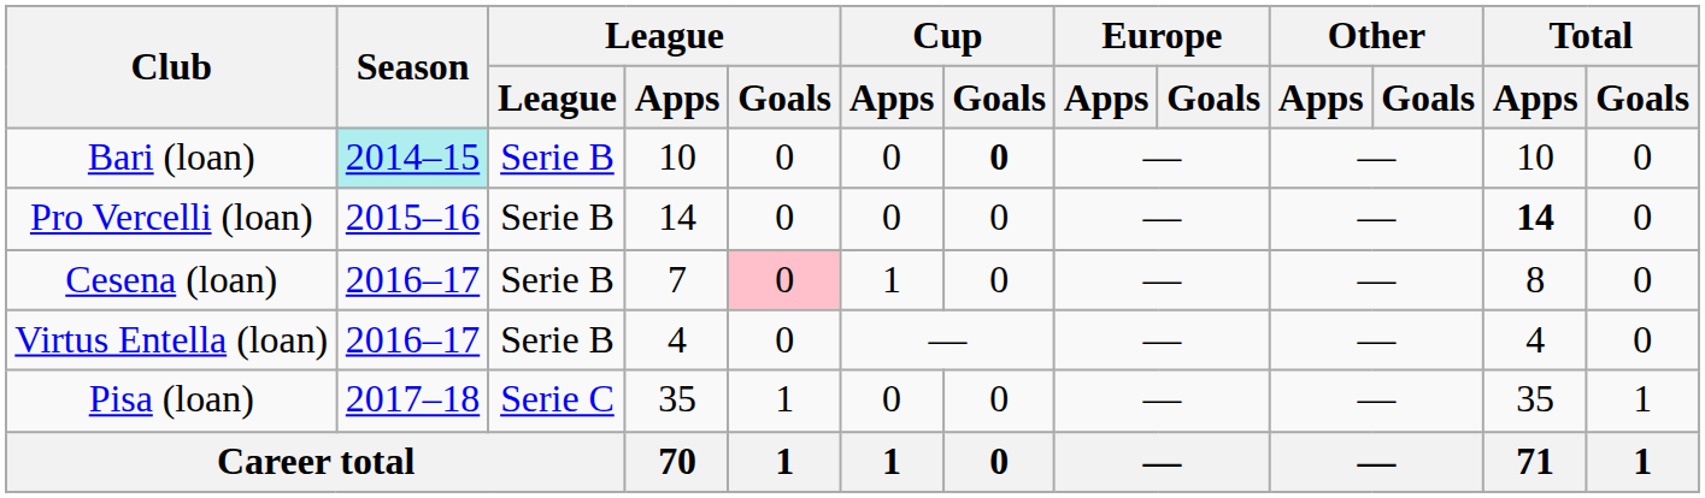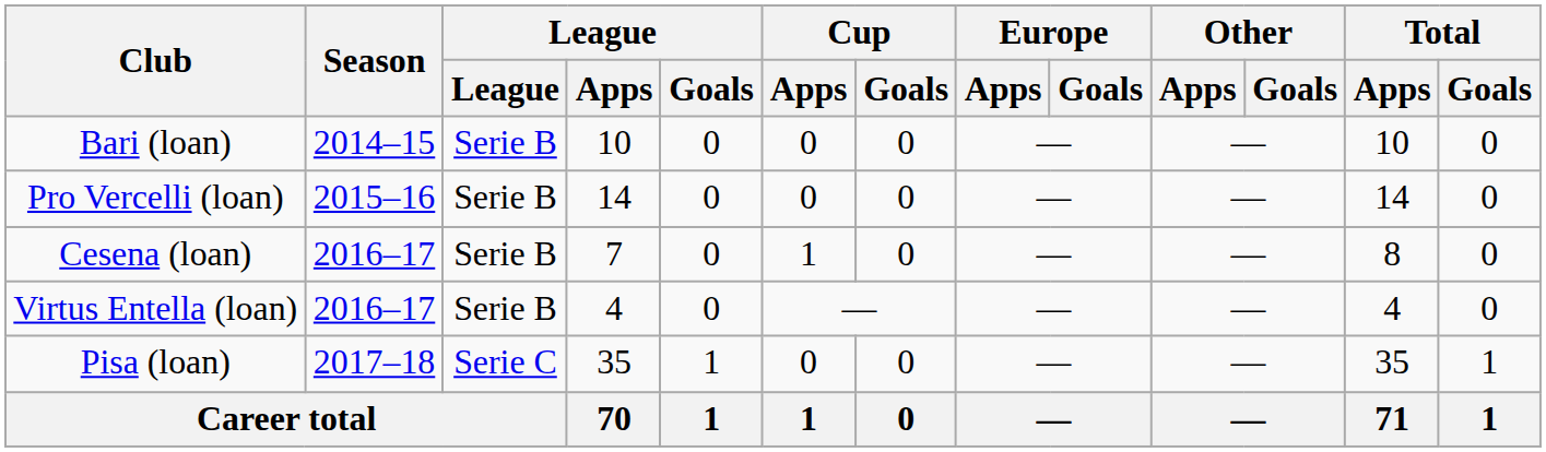 <table class="wikitable" style="text-align: center;">
 <tr>
 <th rowspan="2">Club</th>
 <th rowspan="2">Season</th>
 <th colspan="3">League</th>
 <th colspan="2">Cup</th>
 <th colspan="2">Europe</th>
 <th colspan="2">Other</th>
 <th colspan="2">Total</th>
 </tr>
 <tr>
 <th>League</th>
 <th>Apps</th>
 <th>Goals</th>
 <th>Apps</th>
 <th>Goals</th>
 <th>Apps</th>
 <th>Goals</th>
 <th>Apps</th>
 <th>Goals</th>
 <th>Apps</th>
 <th>Goals</th>
 </tr>
 <tr>
 <td><a href='#'>Bari</a> (loan)</td>
-<td style="background: paleturquoise;"><a href='#'>2014–15</a></td>
+<td><a href='#'>2014–15</a></td>
 <td><a href='#'>Serie B</a></td>
 <td>10</td>
 <td>0</td>
 <td>0</td>
-<td><strong>0</strong></td>
+<td>0</td>
 <td colspan="2">—</td>
 <td colspan="2">—</td>
 <td>10</td>
 <td>0</td>
 </tr>
 <tr>
 <td><a href='#'>Pro Vercelli</a> (loan)</td>
 <td><a href='#'>2015–16</a></td>
 <td>Serie B</td>
 <td>14</td>
 <td>0</td>
 <td>0</td>
 <td>0</td>
 <td colspan="2">—</td>
 <td colspan="2">—</td>
-<td><strong>14</strong></td>
+<td>14</td>
 <td>0</td>
 </tr>
 <tr>
 <td><a href='#'>Cesena</a> (loan)</td>
 <td><a href='#'>2016–17</a></td>
 <td>Serie B</td>
 <td>7</td>
-<td style="background: pink;">0</td>
+<td>0</td>
 <td>1</td>
 <td>0</td>
 <td colspan="2">—</td>
 <td colspan="2">—</td>
 <td>8</td>
 <td>0</td>
 </tr>
 <tr>
 <td><a href='#'>Virtus Entella</a> (loan)</td>
 <td><a href='#'>2016–17</a></td>
 <td>Serie B</td>
 <td>4</td>
 <td>0</td>
 <td colspan="2">—</td>
 <td colspan="2">—</td>
 <td colspan="2">—</td>
 <td>4</td>
 <td>0</td>
 </tr>
 <tr>
 <td><a href='#'>Pisa</a> (loan)</td>
 <td><a href='#'>2017–18</a></td>
 <td><a href='#'>Serie C</a></td>
 <td>35</td>
 <td>1</td>
 <td>0</td>
 <td>0</td>
 <td colspan="2">—</td>
 <td colspan="2">—</td>
 <td>35</td>
 <td>1</td>
 </tr>
 <tr>
 <th colspan="3">Career total</th>
 <th>70</th>
 <th>1</th>
 <th>1</th>
 <th>0</th>
 <th colspan="2">—</th>
 <th colspan="2">—</th>
 <th>71</th>
 <th>1</th>
 </tr>
 </table>
